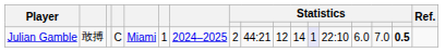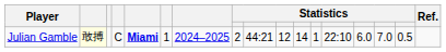 <table class="wikitable sortable" style="font-size:95%; text-align:right;">
 <tr>
 <th rowspan="2">Player</th>
 <th rowspan="2"></th>
 <th rowspan="2"></th>
 <th rowspan="2"></th>
 <th rowspan="2"></th>
 <th rowspan="2"></th>
 <th rowspan="2"></th>
 <th colspan="9">Statistics</th>
 <th rowspan="2">Ref.</th>
 </tr>
 <tr>
 <th></th>
 <th></th>
 <th></th>
 <th></th>
 <th></th>
 <th></th>
 <th></th>
 <th></th>
 <th></th>
 </tr>
 <tr>
 <td align="left"><a href='#'>Julian Gamble</a></td>
-<td align="left">敢搏</td>
+<td align="left" style="background: lightyellow;">敢搏</td>
 <td align="center"></td>
 <td align="center">C</td>
-<td align="left"><a href='#'>Miami</a></td>
+<td align="left"><strong><a href='#'>Miami</a></strong></td>
 <td align="center">1</td>
 <td align="center"><a href='#'>2024–2025</a></td>
 <td>2</td>
 <td>44:21</td>
 <td>12</td>
 <td>14</td>
-<td style="background: lavender;">1</td>
+<td>1</td>
 <td>22:10</td>
 <td>6.0</td>
 <td>7.0</td>
-<td><strong>0.5</strong></td>
+<td>0.5</td>
 <td align="center"></td>
 </tr>
 </table>
